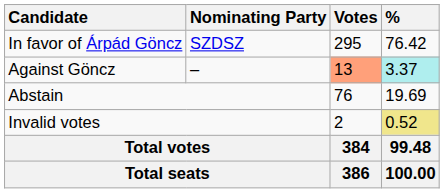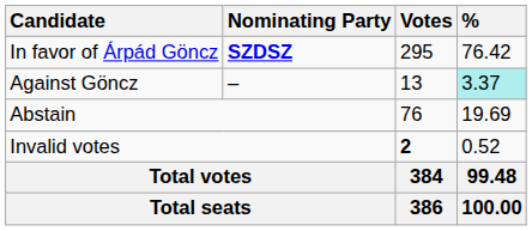 <table class="wikitable">
 <tr>
 <th style="text-align:left">Candidate</th>
 <th style="text-align:left">Nominating Party</th>
 <th style="text-align:left">Votes</th>
 <th style="text-align:left">%</th>
 </tr>
 <tr>
 <td>In favor of <a href='#'>Árpád Göncz</a></td>
-<td><a href='#'>SZDSZ</a></td>
+<td><strong><a href='#'>SZDSZ</a></strong></td>
 <td>295</td>
 <td>76.42</td>
 </tr>
 <tr>
 <td>Against Göncz</td>
 <td>–</td>
-<td style="background: lightsalmon;">13</td>
+<td>13</td>
 <td style="background: paleturquoise;">3.37</td>
 </tr>
 <tr>
 <td colspan=2>Abstain</td>
 <td>76</td>
 <td>19.69</td>
 </tr>
 <tr>
 <td colspan=2>Invalid votes</td>
-<td>2</td>
-<td style="background: khaki;">0.52</td>
+<td><strong>2</strong></td>
+<td>0.52</td>
 </tr>
 <tr>
 <th colspan=2>Total votes</th>
 <th>384</th>
 <th>99.48</th>
 </tr>
 <tr>
 <th colspan=2>Total seats</th>
 <th>386</th>
 <th>100.00</th>
 </tr>
 </table>
